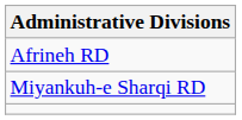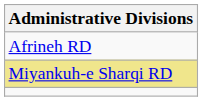 <table class="wikitable">
 <tr>
 <th>Administrative Divisions</th>
 </tr>
 <tr>
 <td><a href='#'>Afrineh RD</a></td>
 </tr>
 <tr>
-<td><a href='#'>Miyankuh-e Sharqi RD</a></td>
+<td style="background: khaki;"><a href='#'>Miyankuh-e Sharqi RD</a></td>
 </tr>
 <tr>
 <td colspan=1></td>
 </tr>
 </table>
